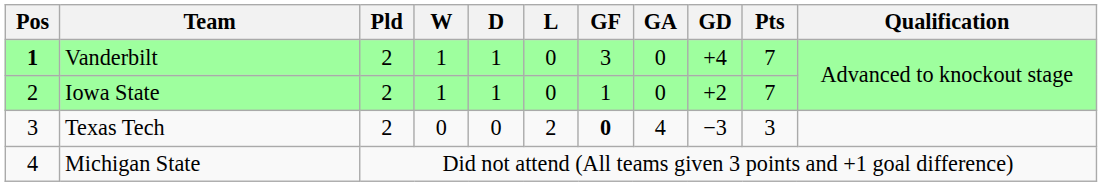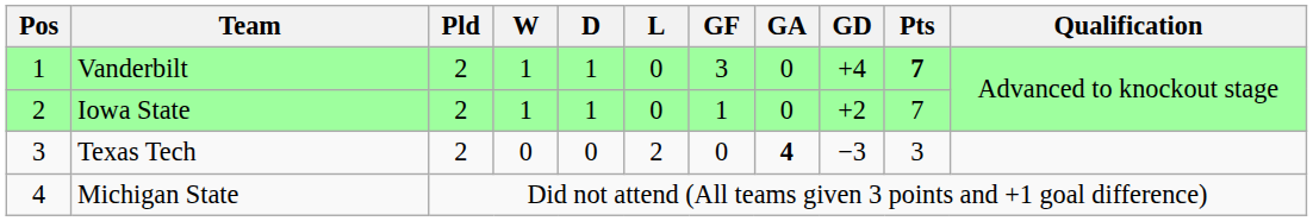 <table class="wikitable" style="text-align:center; margin: 1em auto">
 <tr>
 <th style="width:2em">Pos</th>
 <th style="width:13em">Team</th>
 <th style="width:2em">Pld</th>
 <th style="width:2em">W</th>
 <th style="width:2em">D</th>
 <th style="width:2em">L</th>
 <th style="width:2em">GF</th>
 <th style="width:2em">GA</th>
 <th style="width:2em">GD</th>
 <th style="width:2em">Pts</th>
 <th style="width:13em">Qualification</th>
 </tr>
 <tr bgcolor="#9eff9e">
-<td><strong>1</strong></td>
+<td>1</td>
 <td style="text-align:left">Vanderbilt</td>
 <td>2</td>
 <td>1</td>
 <td>1</td>
 <td>0</td>
 <td>3</td>
 <td>0</td>
 <td>+4</td>
-<td>7</td>
+<td><strong>7</strong></td>
 <td rowspan="2">Advanced to knockout stage</td>
 </tr>
 <tr bgcolor="#9eff9e">
 <td>2</td>
 <td style="text-align:left">Iowa State</td>
 <td>2</td>
 <td>1</td>
 <td>1</td>
 <td>0</td>
 <td>1</td>
 <td>0</td>
 <td>+2</td>
 <td>7</td>
 </tr>
 <tr>
 <td>3</td>
 <td style="text-align:left">Texas Tech</td>
 <td>2</td>
 <td>0</td>
 <td>0</td>
 <td>2</td>
-<td><strong>0</strong></td>
-<td>4</td>
+<td>0</td>
+<td><strong>4</strong></td>
 <td>−3</td>
 <td>3</td>
 <td></td>
 </tr>
 <tr>
 <td>4</td>
 <td style="text-align:left">Michigan State</td>
 <td colspan="9">Did not attend (All teams given 3 points and +1 goal difference)</td>
 </tr>
 </table>
